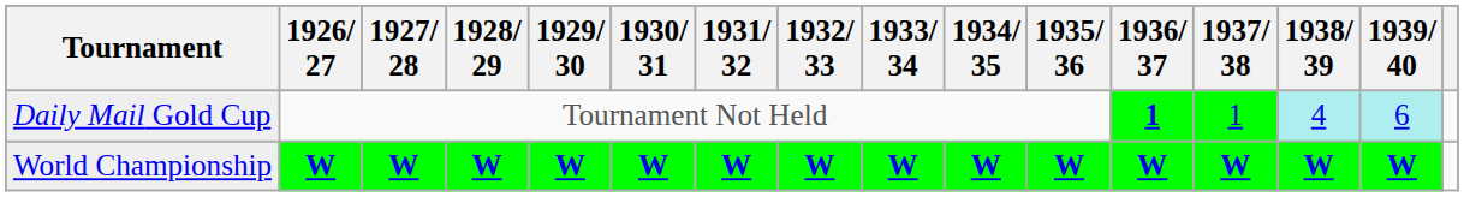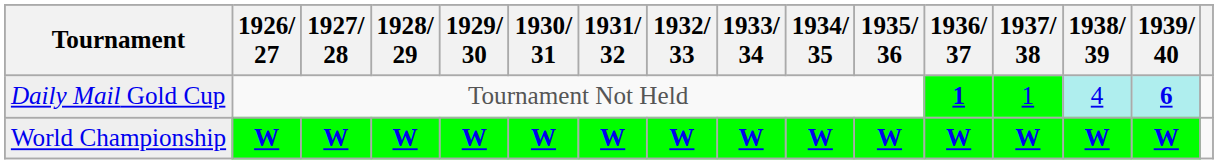 <table class="wikitable" style="font-size:85%;">
 <tr>
 <th>Tournament</th>
 <th>1926/<br>27</th>
 <th>1927/<br>28</th>
 <th>1928/<br>29</th>
 <th>1929/<br>30</th>
 <th>1930/<br>31</th>
 <th>1931/<br>32</th>
 <th>1932/<br>33</th>
 <th>1933/<br>34</th>
 <th>1934/<br>35</th>
 <th>1935/<br>36</th>
 <th>1936/<br>37</th>
 <th>1937/<br>38</th>
 <th>1938/<br>39</th>
 <th>1939/<br>40</th>
 <th></th>
 </tr>
 <tr>
 <td style="background:#EFEFEF;"><a href='#'><em>Daily Mail</em> Gold Cup</a></td>
 <td colspan="10" style="text-align:center; color:#555555;">Tournament Not Held</td>
 <td align="center" style="background:#0f0;"><strong><a href='#'>1</a></strong></td>
 <td align="center" style="background:#0f0;"><a href='#'>1</a></td>
 <td align="center" style="background:#afeeee;"><a href='#'>4</a></td>
-<td align="center" style="background:#afeeee;"><a href='#'>6</a></td>
+<td align="center" style="background:#afeeee;"><strong><a href='#'>6</a></strong></td>
 <td align="center"></td>
 </tr>
 <tr>
 <td style="background:#EFEFEF;"><a href='#'>World Championship</a></td>
 <td style="text-align:center; background:#0f0;"><a href='#'><strong>W</strong></a></td>
 <td style="text-align:center; background:#0f0;"><a href='#'><strong>W</strong></a></td>
 <td style="text-align:center; background:#0f0;"><a href='#'><strong>W</strong></a></td>
 <td style="text-align:center; background:#0f0;"><a href='#'><strong>W</strong></a></td>
 <td style="text-align:center; background:#0f0;"><a href='#'><strong>W</strong></a></td>
 <td style="text-align:center; background:#0f0;"><a href='#'><strong>W</strong></a></td>
 <td style="text-align:center; background:#0f0;"><a href='#'><strong>W</strong></a></td>
 <td style="text-align:center; background:#0f0;"><a href='#'><strong>W</strong></a></td>
 <td style="text-align:center; background:#0f0;"><a href='#'><strong>W</strong></a></td>
 <td style="text-align:center; background:#0f0;"><a href='#'><strong>W</strong></a></td>
 <td style="text-align:center; background:#0f0;"><a href='#'><strong>W</strong></a></td>
 <td style="text-align:center; background:#0f0;"><a href='#'><strong>W</strong></a></td>
 <td style="text-align:center; background:#0f0;"><a href='#'><strong>W</strong></a></td>
 <td style="text-align:center; background:#0f0;"><a href='#'><strong>W</strong></a></td>
 <td align="center"></td>
 </tr>
 </table>
